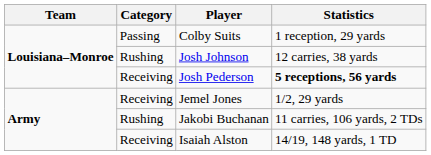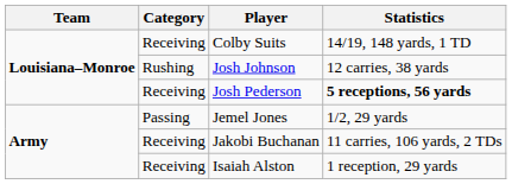 <table class="wikitable" style="float: left;">
 <tr>
 <th>Team</th>
 <th>Category</th>
 <th>Player</th>
 <th>Statistics</th>
 </tr>
 <tr>
 <td rowspan=3><strong>Louisiana–Monroe</strong></td>
-<td>Passing</td>
+<td>Receiving</td>
 <td>Colby Suits</td>
-<td>1 reception, 29 yards</td>
+<td>14/19, 148 yards, 1 TD</td>
 </tr>
 <tr>
 <td>Rushing</td>
 <td><a href='#'>Josh Johnson</a></td>
 <td>12 carries, 38 yards</td>
 </tr>
 <tr>
 <td>Receiving</td>
 <td><a href='#'>Josh Pederson</a></td>
 <td><strong>5 receptions, 56 yards</strong></td>
 </tr>
 <tr>
 <td rowspan=3><strong>Army</strong></td>
-<td>Receiving</td>
+<td>Passing</td>
 <td>Jemel Jones</td>
 <td>1/2, 29 yards</td>
 </tr>
 <tr>
-<td>Rushing</td>
+<td>Receiving</td>
 <td>Jakobi Buchanan</td>
 <td>11 carries, 106 yards, 2 TDs</td>
 </tr>
 <tr>
 <td>Receiving</td>
 <td>Isaiah Alston</td>
-<td>14/19, 148 yards, 1 TD</td>
+<td>1 reception, 29 yards</td>
 </tr>
 </table>
